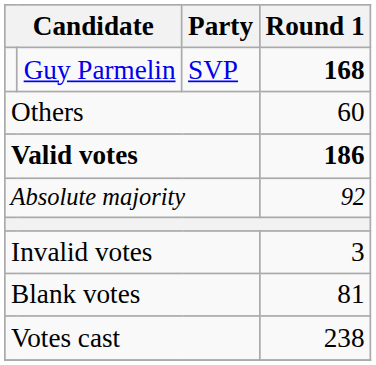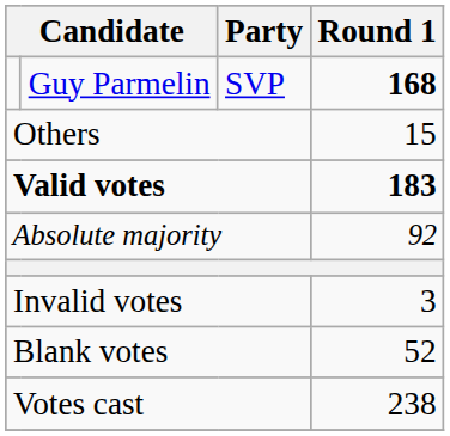 <table class="wikitable" style="text-align:right;">
 <tr>
 <th colspan=2>Candidate</th>
 <th>Party</th>
 <th>Round 1</th>
 </tr>
 <tr>
 <td style="background-color:"></td>
 <td style="text-align:left;"><a href='#'>Guy Parmelin</a></td>
 <td style="text-align:left;"><a href='#'>SVP</a></td>
 <td><strong>168</strong></td>
 </tr>
 <tr>
 <td colspan=3 style="text-align:left;">Others</td>
-<td>60</td>
+<td>15</td>
 </tr>
 <tr style="font-weight:bold;">
 <td colspan=3 style="text-align:left;">Valid votes</td>
-<td>186</td>
+<td>183</td>
 </tr>
 <tr style="font-style:italic; font-size:90%;">
 <td colspan=3 style="text-align:left;">Absolute majority</td>
 <td>92</td>
 </tr>
 <tr>
 <th colspan=10></th>
 </tr>
 <tr>
 <td colspan=3 style="text-align:left;">Invalid votes</td>
 <td>3</td>
 </tr>
 <tr>
 <td colspan=3 style="text-align:left;">Blank votes</td>
-<td>81</td>
+<td>52</td>
 </tr>
 <tr>
 <td colspan=3 style="text-align:left;">Votes cast</td>
 <td>238</td>
 </tr>
 <tr>
 </tr>
 </table>
